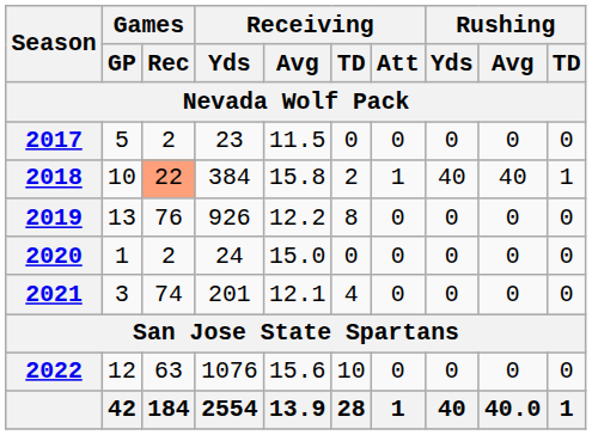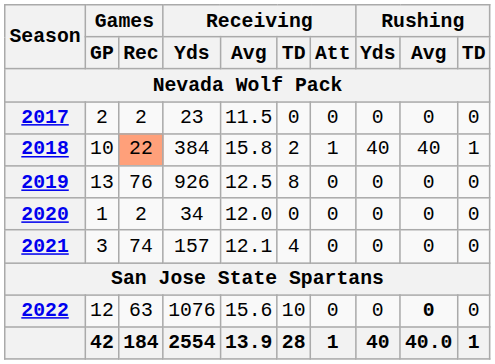 <table class="wikitable" style="text-align:center;">
 <tr>
 <th rowspan="2">Season</th>
 <th colspan="2">Games</th>
 <th colspan="4">Receiving</th>
 <th colspan="4">Rushing</th>
 </tr>
 <tr>
 <th>GP</th>
 <th>Rec</th>
 <th>Yds</th>
 <th>Avg</th>
 <th>TD</th>
 <th>Att</th>
 <th>Yds</th>
 <th>Avg</th>
 <th>TD</th>
 </tr>
 <tr>
 <th colspan="15">Nevada Wolf Pack</th>
 </tr>
 <tr>
 <th><a href='#'>2017</a></th>
-<td>5</td>
+<td>2</td>
 <td>2</td>
 <td>23</td>
 <td>11.5</td>
 <td>0</td>
 <td>0</td>
 <td>0</td>
 <td>0</td>
 <td>0</td>
 </tr>
 <tr>
 <th><a href='#'>2018</a></th>
 <td>10</td>
 <td style="background: lightsalmon;">22</td>
 <td>384</td>
 <td>15.8</td>
 <td>2</td>
 <td>1</td>
 <td>40</td>
 <td>40</td>
 <td>1</td>
 </tr>
 <tr>
 <th><a href='#'>2019</a></th>
 <td>13</td>
 <td>76</td>
 <td>926</td>
-<td>12.2</td>
+<td>12.5</td>
 <td>8</td>
 <td>0</td>
 <td>0</td>
 <td>0</td>
 <td>0</td>
 </tr>
 <tr>
 <th><a href='#'>2020</a></th>
 <td>1</td>
 <td>2</td>
-<td>24</td>
-<td>15.0</td>
+<td>34</td>
+<td>12.0</td>
 <td>0</td>
 <td>0</td>
 <td>0</td>
 <td>0</td>
 <td>0</td>
 </tr>
 <tr>
 <th><a href='#'>2021</a></th>
 <td>3</td>
 <td>74</td>
-<td>201</td>
+<td>157</td>
 <td>12.1</td>
 <td>4</td>
 <td>0</td>
 <td>0</td>
 <td>0</td>
 <td>0</td>
 </tr>
 <tr>
 <th colspan="15">San Jose State Spartans</th>
 </tr>
 <tr>
 <th><a href='#'>2022</a></th>
 <td>12</td>
 <td>63</td>
 <td>1076</td>
 <td>15.6</td>
 <td>10</td>
 <td>0</td>
 <td>0</td>
-<td>0</td>
+<td><strong>0</strong></td>
 <td>0</td>
 </tr>
 <tr>
 <th></th>
 <th>42</th>
 <th>184</th>
 <th>2554</th>
 <th>13.9</th>
 <th>28</th>
 <th>1</th>
 <th>40</th>
 <th>40.0</th>
 <th>1</th>
 </tr>
 </table>
